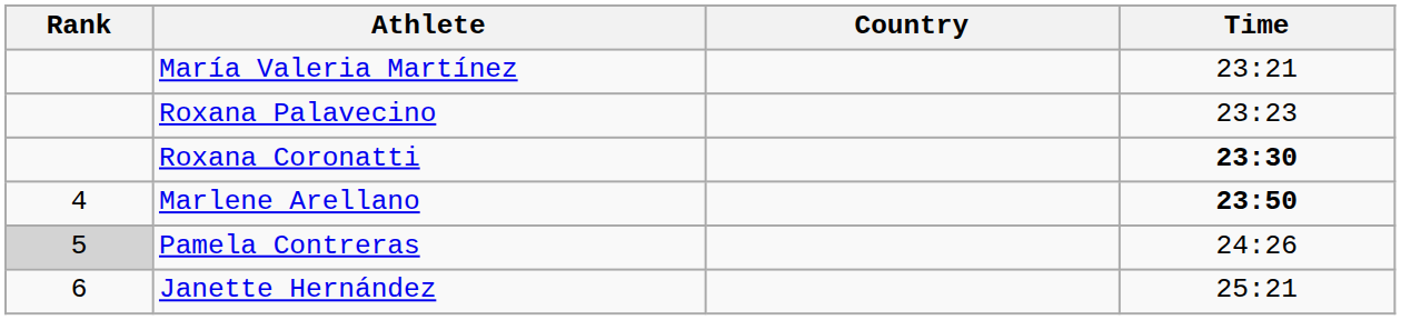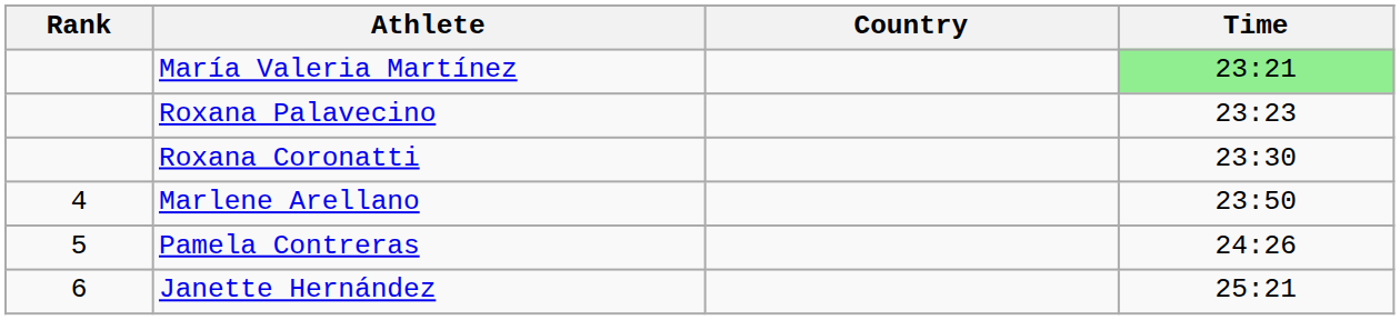 <table class="wikitable sortable" style=" text-align:center; font-size:95%;" width="50%">
 <tr>
 </tr>
 <tr>
 <th width=5%>Rank</th>
 <th width=20%>Athlete</th>
 <th width=15%>Country</th>
 <th width=10%>Time</th>
 </tr>
 <tr>
 <td align=center></td>
 <td align=left><a href='#'>María Valeria Martínez</a></td>
 <td align=left></td>
-<td>23:21</td>
+<td style="background: lightgreen;">23:21</td>
 </tr>
 <tr>
 <td align=center></td>
 <td align=left><a href='#'>Roxana Palavecino</a></td>
 <td align=left></td>
 <td>23:23</td>
 </tr>
 <tr>
 <td align=center></td>
 <td align=left><a href='#'>Roxana Coronatti</a></td>
 <td align=left></td>
-<td><strong>23:30</strong></td>
+<td>23:30</td>
 </tr>
 <tr>
 <td align=center>4</td>
 <td align=left><a href='#'>Marlene Arellano</a></td>
 <td align=left></td>
-<td><strong>23:50</strong></td>
+<td>23:50</td>
 </tr>
 <tr>
-<td align=center style="background: lightgrey;">5</td>
+<td align=center>5</td>
 <td align=left><a href='#'>Pamela Contreras</a></td>
 <td align=left></td>
 <td>24:26</td>
 </tr>
 <tr>
 <td align=center>6</td>
 <td align=left><a href='#'>Janette Hernández</a></td>
 <td align=left></td>
 <td>25:21</td>
 </tr>
 </table>
